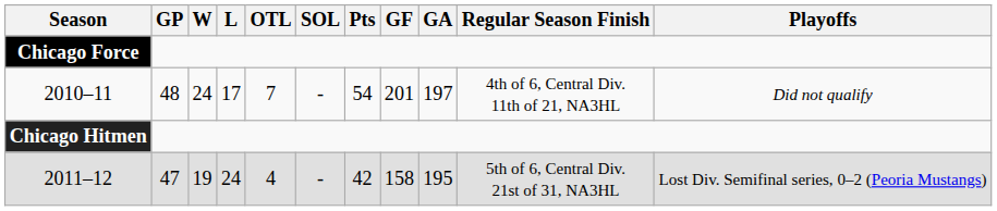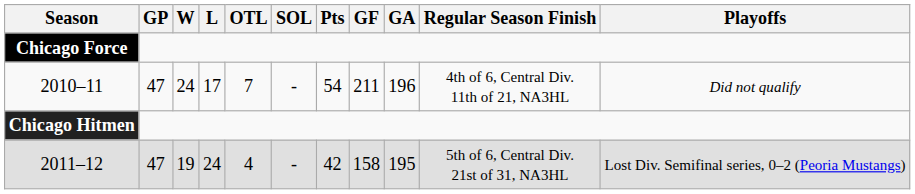 <table class="wikitable" style="text-align:center">
 <tr>
 <th>Season</th>
 <th>GP</th>
 <th>W</th>
 <th>L</th>
 <th>OTL</th>
 <th>SOL</th>
 <th>Pts</th>
 <th>GF</th>
 <th>GA</th>
 <th>Regular Season Finish</th>
 <th>Playoffs</th>
 </tr>
 <tr align="center">
 <td style="color:white; background:#000000; "><strong>Chicago Force</strong></td>
 </tr>
 <tr>
 <td>2010–11</td>
-<td>48</td>
+<td>47</td>
 <td>24</td>
 <td>17</td>
 <td>7</td>
 <td>-</td>
 <td>54</td>
-<td>201</td>
-<td>197</td>
+<td>211</td>
+<td>196</td>
 <td><small>4th of 6, Central Div.<br>11th of 21, NA3HL</small></td>
 <td><small><em>Did not qualify</em></small></td>
 </tr>
 <tr align="center">
 <td style="color:white; background:#212121; "><strong>Chicago Hitmen</strong></td>
 </tr>
 <tr bgcolor=e0e0e0>
 <td>2011–12</td>
 <td>47</td>
 <td>19</td>
 <td>24</td>
 <td>4</td>
 <td>-</td>
 <td>42</td>
 <td>158</td>
 <td>195</td>
 <td><small>5th of 6, Central Div.<br>21st of 31, NA3HL</small></td>
 <td><small>Lost Div. Semifinal series, 0–2 (<a href='#'>Peoria Mustangs</a>)</small></td>
 </tr>
 </table>
